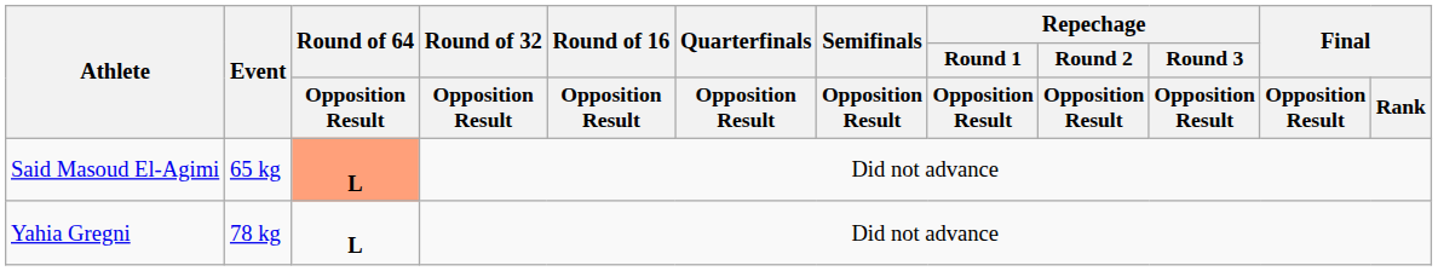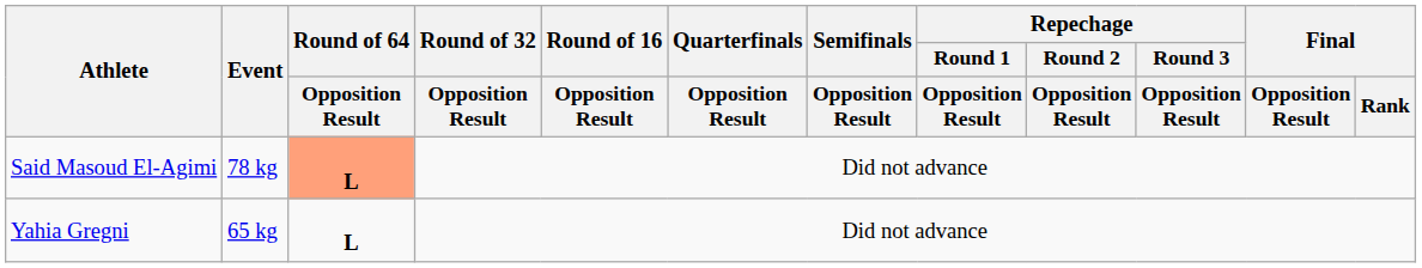 <table class="wikitable" style="font-size:90%">
 <tr>
 <th rowspan="3">Athlete</th>
 <th rowspan="3">Event</th>
 <th rowspan="2">Round of 64</th>
 <th rowspan="2">Round of 32</th>
 <th rowspan="2">Round of 16</th>
 <th rowspan="2">Quarterfinals</th>
 <th rowspan="2">Semifinals</th>
 <th colspan=3>Repechage</th>
 <th rowspan="2" colspan=2>Final</th>
 </tr>
 <tr style="font-size:95%">
 <th>Round 1</th>
 <th>Round 2</th>
 <th>Round 3</th>
 </tr>
 <tr style="font-size:95%">
 <th>Opposition<br>Result</th>
 <th>Opposition<br>Result</th>
 <th>Opposition<br>Result</th>
 <th>Opposition<br>Result</th>
 <th>Opposition<br>Result</th>
 <th>Opposition<br>Result</th>
 <th>Opposition<br>Result</th>
 <th>Opposition<br>Result</th>
 <th>Opposition<br>Result</th>
 <th>Rank</th>
 </tr>
 <tr align=center>
 <td align=left><a href='#'>Said Masoud El-Agimi</a></td>
-<td align=left><a href='#'>65 kg</a></td>
+<td align=left><a href='#'>78 kg</a></td>
 <td style="background: lightsalmon;"><br><strong>L</strong></td>
 <td colspan=9>Did not advance</td>
 </tr>
 <tr align=center>
 <td align=left><a href='#'>Yahia Gregni</a></td>
-<td align=left><a href='#'>78 kg</a></td>
+<td align=left><a href='#'>65 kg</a></td>
 <td><br><strong>L</strong></td>
 <td colspan=9>Did not advance</td>
 </tr>
 </table>
